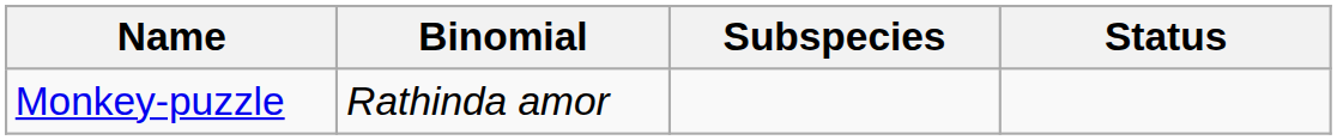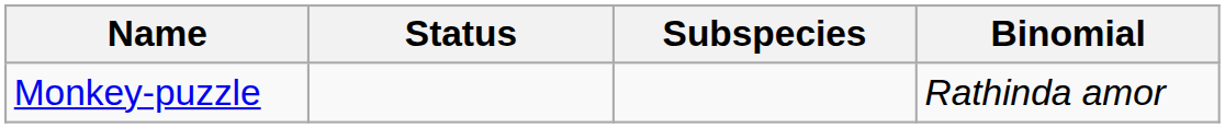 <table width=60% class="wikitable">
 <tr>
 <th width=20%>Name</th>
+<th width=20%>Status</th>
+<th width=20%>Subspecies</th>
 <th width=20%>Binomial</th>
-<th width=20%>Subspecies</th>
-<th width=20%>Status</th>
 </tr>
 <tr>
 <td><a href='#'>Monkey-puzzle</a><br> </td>
-<td><em>Rathinda amor</em></td>
 <td></td>
 <td></td>
+<td><em>Rathinda amor</em></td>
 </tr>
 </table>
